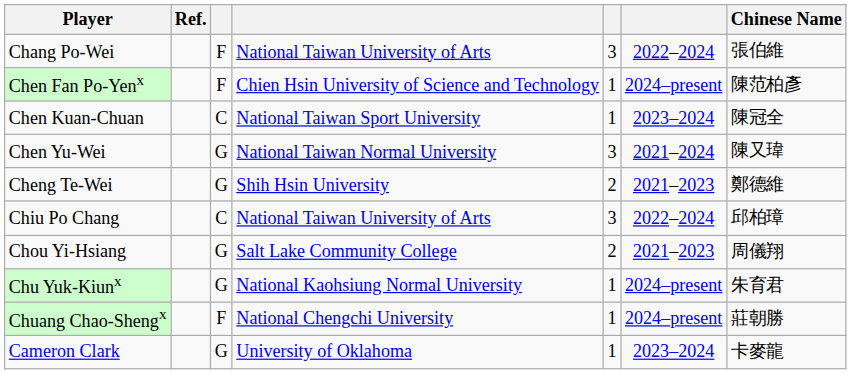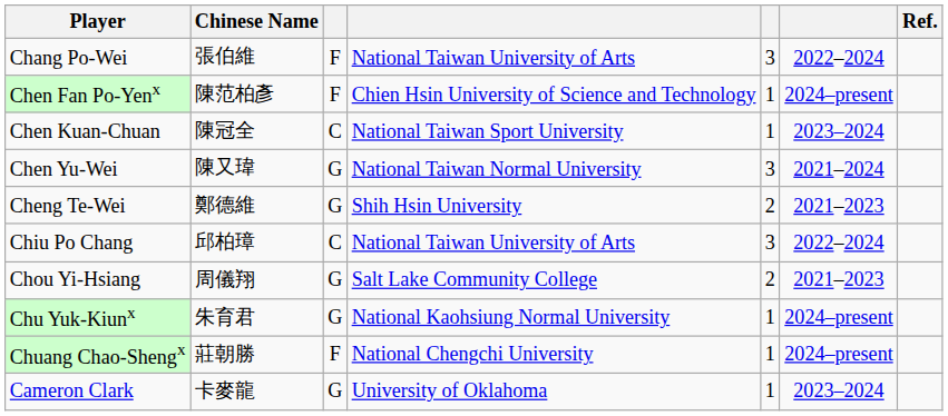 <table class="wikitable sortable" style="font-size:95%; text-align:left;">
 <tr>
 <th>Player</th>
-<th>Ref.</th>
+<th>Chinese Name</th>
 <th></th>
 <th></th>
 <th></th>
 <th></th>
-<th>Chinese Name</th>
+<th>Ref.</th>
 </tr>
 <tr>
 <td>Chang Po-Wei</td>
-<td></td>
+<td>張伯維</td>
 <td align="center">F</td>
 <td><a href='#'>National Taiwan University of Arts</a></td>
 <td align="center">3</td>
 <td align="center"><a href='#'>2022</a>–<a href='#'>2024</a></td>
-<td>張伯維</td>
+<td></td>
 </tr>
 <tr>
 <td bgcolor="#CCFFCC">Chen Fan Po-Yen<sup>x</sup></td>
-<td></td>
+<td>陳范柏彥</td>
 <td align="center">F</td>
 <td><a href='#'>Chien Hsin University of Science and Technology</a></td>
 <td align="center">1</td>
 <td align="center"><a href='#'>2024–present</a></td>
-<td>陳范柏彥</td>
+<td></td>
 </tr>
 <tr>
 <td>Chen Kuan-Chuan</td>
-<td></td>
+<td>陳冠全</td>
 <td align="center">C</td>
 <td><a href='#'>National Taiwan Sport University</a></td>
 <td align="center">1</td>
 <td align="center"><a href='#'>2023–2024</a></td>
-<td>陳冠全</td>
+<td></td>
 </tr>
 <tr>
 <td>Chen Yu-Wei</td>
-<td></td>
+<td>陳又瑋</td>
 <td align="center">G</td>
 <td><a href='#'>National Taiwan Normal University</a></td>
 <td align="center">3</td>
 <td align="center"><a href='#'>2021</a>–<a href='#'>2024</a></td>
-<td>陳又瑋</td>
+<td></td>
 </tr>
 <tr>
 <td>Cheng Te-Wei</td>
-<td></td>
+<td>鄭德維</td>
 <td align="center">G</td>
 <td><a href='#'>Shih Hsin University</a></td>
 <td align="center">2</td>
 <td align="center"><a href='#'>2021</a>–<a href='#'>2023</a></td>
-<td>鄭德維</td>
+<td></td>
 </tr>
 <tr>
 <td>Chiu Po Chang</td>
-<td></td>
+<td>邱柏璋</td>
 <td align="center">C</td>
 <td><a href='#'>National Taiwan University of Arts</a></td>
 <td align="center">3</td>
 <td align="center"><a href='#'>2022</a>–<a href='#'>2024</a></td>
-<td>邱柏璋</td>
+<td></td>
 </tr>
 <tr>
 <td>Chou Yi-Hsiang</td>
-<td></td>
+<td>周儀翔</td>
 <td align="center">G</td>
 <td><a href='#'>Salt Lake Community College</a></td>
 <td align="center">2</td>
 <td align="center"><a href='#'>2021</a>–<a href='#'>2023</a></td>
-<td>周儀翔</td>
+<td></td>
 </tr>
 <tr>
 <td bgcolor="#CCFFCC">Chu Yuk-Kiun<sup>x</sup></td>
-<td></td>
+<td>朱育君</td>
 <td align="center">G</td>
 <td><a href='#'>National Kaohsiung Normal University</a></td>
 <td align="center">1</td>
 <td align="center"><a href='#'>2024–present</a></td>
-<td>朱育君</td>
+<td></td>
 </tr>
 <tr>
 <td bgcolor="#CCFFCC">Chuang Chao-Sheng<sup>x</sup></td>
-<td></td>
+<td>莊朝勝</td>
 <td align="center">F</td>
 <td><a href='#'>National Chengchi University</a></td>
 <td align="center">1</td>
 <td align="center"><a href='#'>2024–present</a></td>
-<td>莊朝勝</td>
+<td></td>
 </tr>
 <tr>
 <td><a href='#'>Cameron Clark</a></td>
-<td></td>
+<td>卡麥龍</td>
 <td align="center">G</td>
 <td><a href='#'>University of Oklahoma</a></td>
 <td align="center">1</td>
 <td align="center"><a href='#'>2023–2024</a></td>
-<td>卡麥龍</td>
+<td></td>
 </tr>
 </table>
